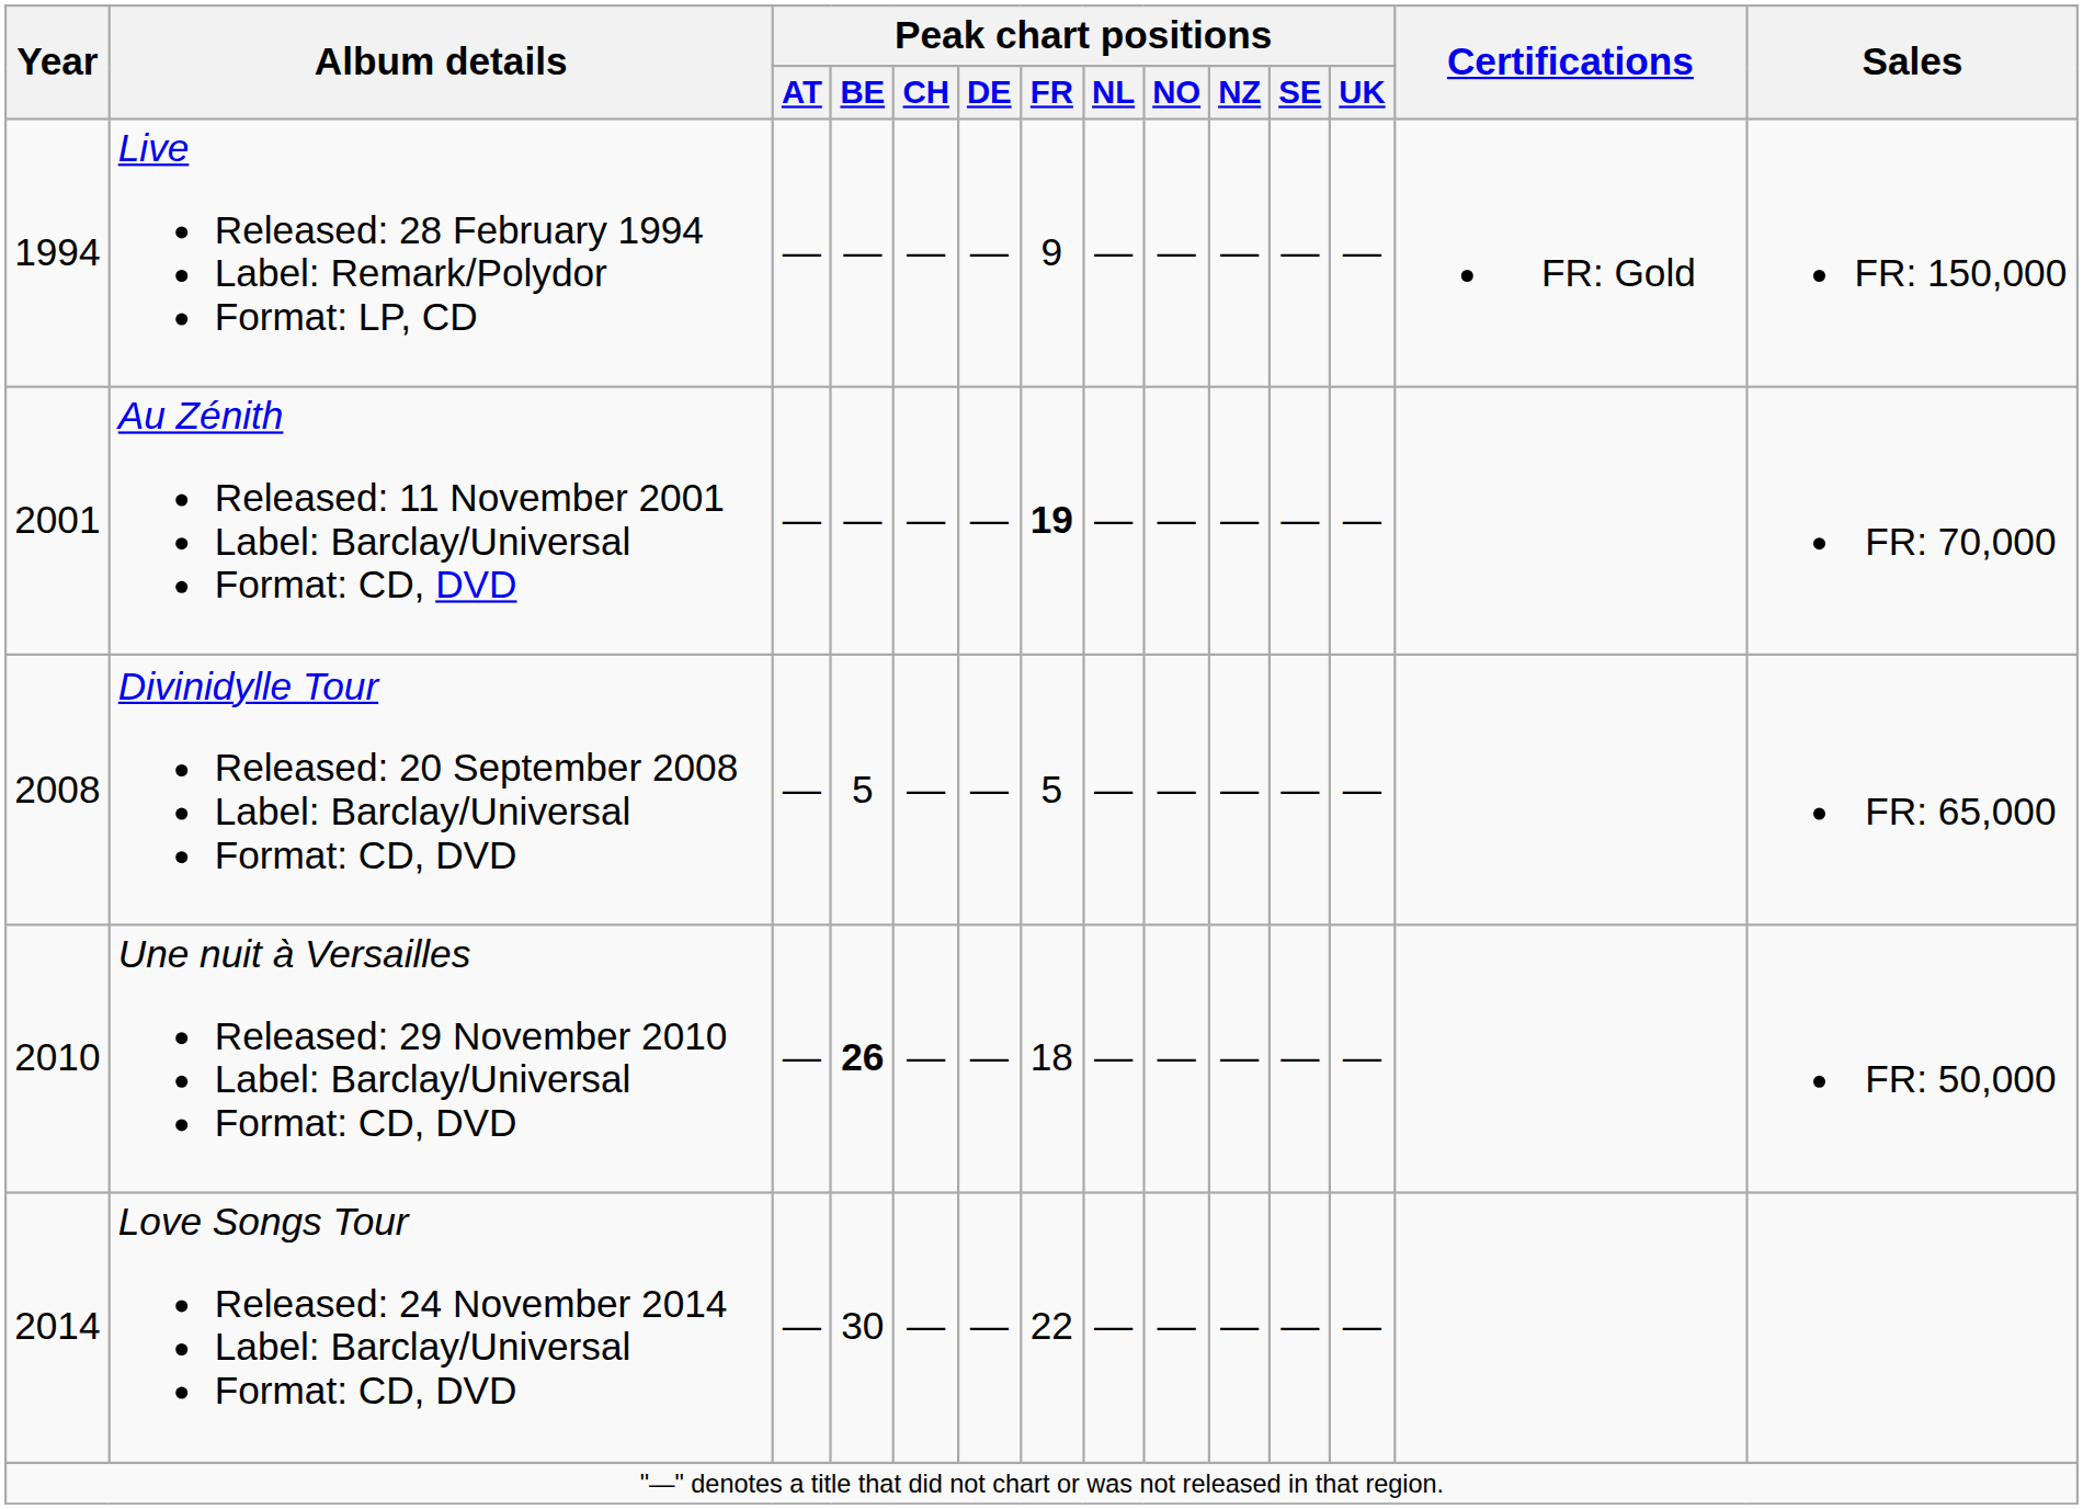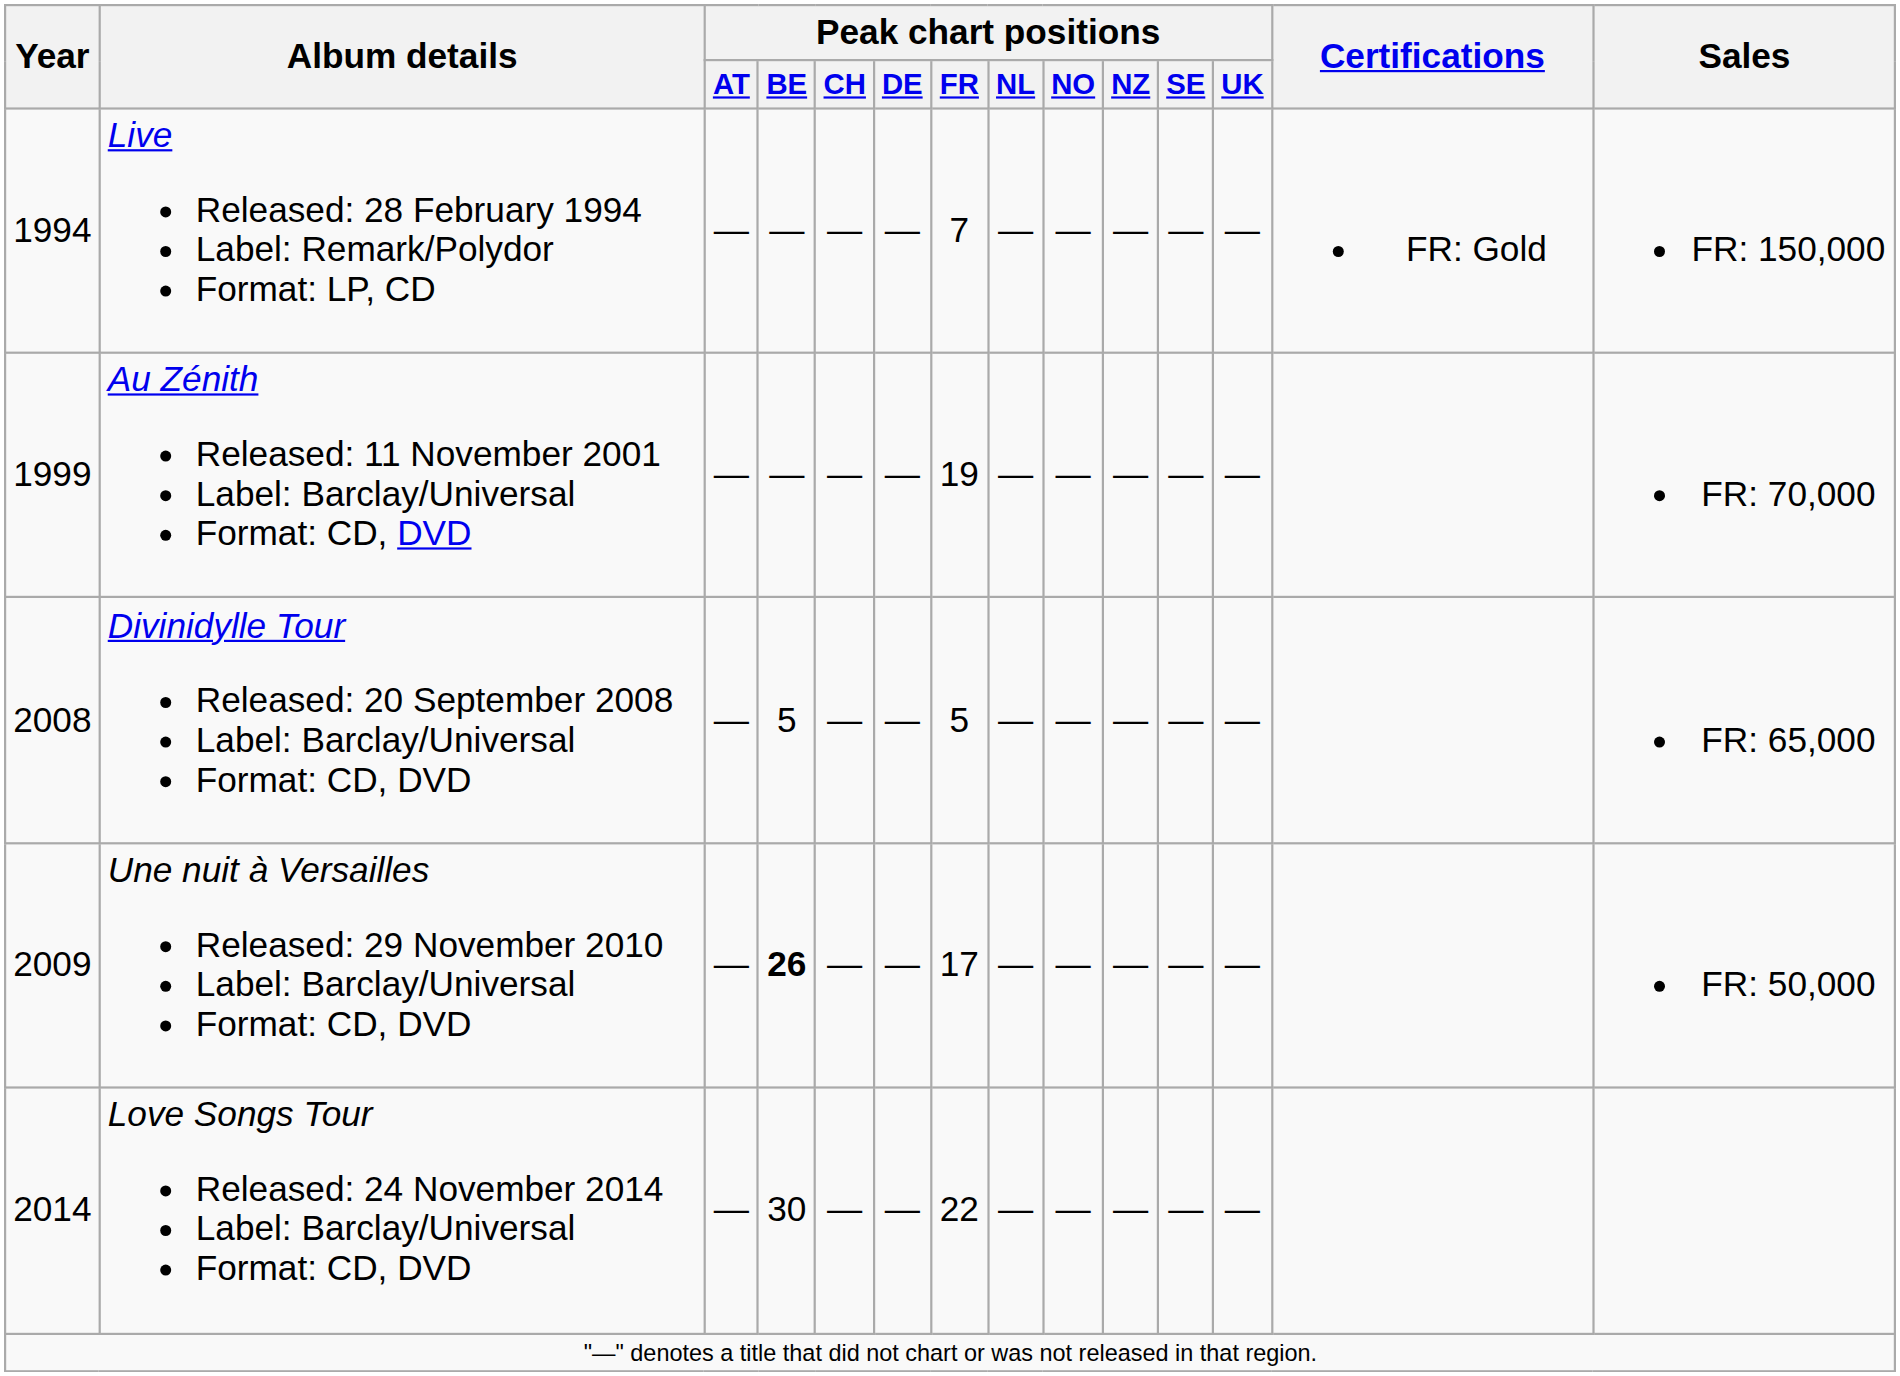 <table class="wikitable" style="text-align:center;">
 <tr>
 <th rowspan=2 width=5%>Year</th>
 <th rowspan=2 width=32%>Album details</th>
 <th colspan=10 width=30%>Peak chart positions</th>
 <th rowspan=2 width=17%><a href='#'>Certifications</a></th>
 <th rowspan=2 width=16%>Sales</th>
 </tr>
 <tr style=font-size:smaller>
 <th width:3%><a href='#'>AT</a><br></th>
 <th width:3%><a href='#'>BE</a><br></th>
 <th width:3%><a href='#'>CH</a><br></th>
 <th width:3%><a href='#'>DE</a><br></th>
 <th width:3%><a href='#'>FR</a><br></th>
 <th width:3%><a href='#'>NL</a><br></th>
 <th width:3%><a href='#'>NO</a><br></th>
 <th width:3%><a href='#'>NZ</a><br></th>
 <th width:3%><a href='#'>SE</a><br></th>
 <th width:3%><a href='#'>UK</a><br></th>
 </tr>
 <tr>
 <td>1994</td>
 <td align=left><em><a href='#'>Live</a></em><br><ul><li>Released: 28 February 1994</li><li>Label: Remark/Polydor </li><li>Format: LP, CD</li></ul></td>
 <td>—</td>
 <td>—</td>
 <td>—</td>
 <td>—</td>
-<td>9</td>
+<td>7</td>
 <td>—</td>
 <td>—</td>
 <td>—</td>
 <td>—</td>
 <td>—</td>
 <td><br><ul><li>FR: Gold</li></ul></td>
 <td><br><ul><li>FR: 150,000</li></ul></td>
 </tr>
 <tr>
-<td>2001</td>
+<td>1999</td>
 <td align=left><em><a href='#'>Au Zénith</a></em><br><ul><li>Released: 11 November 2001</li><li>Label: Barclay/Universal </li><li>Format: CD, <a href='#'>DVD</a></li></ul></td>
 <td>—</td>
 <td>—</td>
 <td>—</td>
 <td>—</td>
-<td><strong>19</strong></td>
+<td>19</td>
 <td>—</td>
 <td>—</td>
 <td>—</td>
 <td>—</td>
 <td>—</td>
 <td></td>
 <td><br><ul><li>FR: 70,000</li></ul></td>
 </tr>
 <tr>
 <td>2008</td>
 <td align=left><em><a href='#'>Divinidylle Tour</a></em><br><ul><li>Released: 20 September 2008</li><li>Label: Barclay/Universal </li><li>Format: CD, DVD</li></ul></td>
 <td>—</td>
 <td>5</td>
 <td>—</td>
 <td>—</td>
 <td>5</td>
 <td>—</td>
 <td>—</td>
 <td>—</td>
 <td>—</td>
 <td>—</td>
 <td></td>
 <td><br><ul><li>FR: 65,000</li></ul></td>
 </tr>
 <tr>
-<td>2010</td>
+<td>2009</td>
 <td align=left><em>Une nuit à Versailles</em><br><ul><li>Released: 29 November 2010</li><li>Label: Barclay/Universal </li><li>Format: CD, DVD</li></ul></td>
 <td>—</td>
 <td><strong>26</strong></td>
 <td>—</td>
 <td>—</td>
-<td>18</td>
+<td>17</td>
 <td>—</td>
 <td>—</td>
 <td>—</td>
 <td>—</td>
 <td>—</td>
 <td></td>
 <td><br><ul><li>FR: 50,000</li></ul></td>
 </tr>
 <tr>
 <td>2014</td>
 <td align=left><em>Love Songs Tour</em><br><ul><li>Released: 24 November 2014</li><li>Label: Barclay/Universal</li><li>Format: CD, DVD</li></ul></td>
 <td>—</td>
 <td>30</td>
 <td>—</td>
 <td>—</td>
 <td>22</td>
 <td>—</td>
 <td>—</td>
 <td>—</td>
 <td>—</td>
 <td>—</td>
 <td></td>
 <td></td>
 </tr>
 <tr>
 <td colspan=14 style=font-size:8pt>"—" denotes a title that did not chart or was not released in that region.</td>
 </tr>
 </table>
